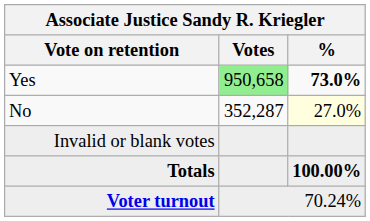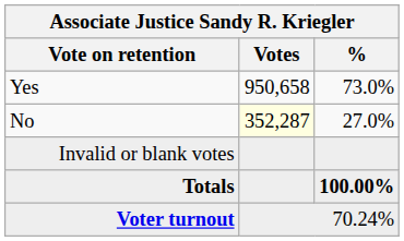 <table class="wikitable" style="font-size: 95%;">
 <tr style="background-color:#E9E9E9">
 <th colspan=7>Associate Justice Sandy R. Kriegler</th>
 </tr>
 <tr style="background-color:#E9E9E9">
 <th style="width: 170px">Vote on retention</th>
 <th style="width: 50px">Votes</th>
 <th style="width: 40px">%</th>
 </tr>
 <tr>
 <td>Yes</td>
-<td align="right" style="background: lightgreen;">950,658</td>
-<td align="right"><strong>73.0%</strong></td>
+<td align="right">950,658</td>
+<td align="right">73.0%</td>
 </tr>
 <tr>
 <td>No</td>
-<td align="right">352,287</td>
-<td align="right" style="background: lightyellow;">27.0%</td>
+<td align="right" style="background: lightyellow;">352,287</td>
+<td align="right">27.0%</td>
 </tr>
 <tr bgcolor="#EEEEEE">
 <td align="right">Invalid or blank votes</td>
 <td align="right"></td>
 <td align="right"></td>
 </tr>
 <tr bgcolor="#EEEEEE">
 <td align="right"><strong>Totals</strong></td>
 <td align="right"><strong></strong></td>
 <td align="right"><strong>100.00%</strong></td>
 </tr>
 <tr bgcolor="#EEEEEE">
 <td align="right"><strong><a href='#'>Voter turnout</a></strong></td>
 <td colspan="2" align="right">70.24%</td>
 </tr>
 </table>
